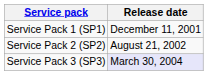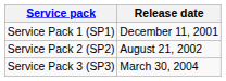 <table border="1" class="wikitable floatright" style="font-size:100%">
 <tr>
 <th><a href='#'>Service pack</a></th>
 <th>Release date</th>
 </tr>
 <tr>
 <td>Service Pack 1 (SP1)</td>
 <td>December 11, 2001</td>
 </tr>
 <tr>
 <td>Service Pack 2 (SP2)</td>
 <td>August 21, 2002</td>
 </tr>
 <tr>
 <td>Service Pack 3 (SP3)</td>
-<td style="background: lavender;">March 30, 2004</td>
+<td>March 30, 2004</td>
 </tr>
 </table>
